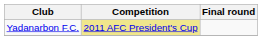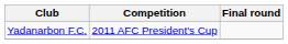 <table class="wikitable">
 <tr>
 <th>Club</th>
 <th>Competition</th>
 <th>Final round</th>
 </tr>
 <tr>
 <td rowspan=1><a href='#'>Yadanarbon F.C.</a></td>
-<td style="background: khaki;"><a href='#'>2011 AFC President's Cup</a></td>
+<td><a href='#'>2011 AFC President's Cup</a></td>
 <td></td>
 </tr>
 <tr>
 </tr>
 </table>
